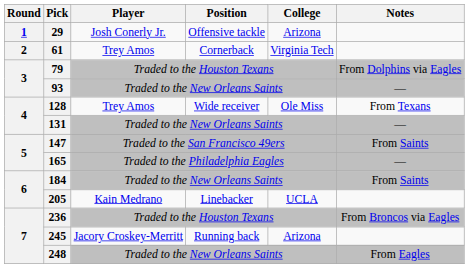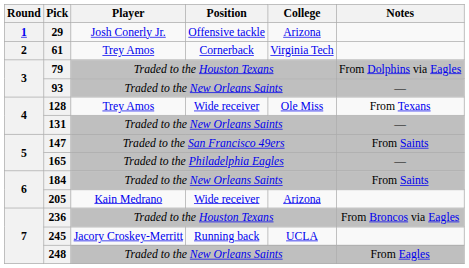 <table class="wikitable" style="text-align:center">
 <tr>
 <th>Round</th>
 <th>Pick</th>
 <th>Player</th>
 <th>Position</th>
 <th>College</th>
 <th>Notes</th>
 </tr>
 <tr>
 <th><a href='#'>1</a></th>
 <th>29</th>
 <td><a href='#'>Josh Conerly Jr.</a></td>
 <td><a href='#'>Offensive tackle</a></td>
 <td><a href='#'>Arizona</a></td>
 <td></td>
 </tr>
 <tr>
 <th>2</th>
 <th>61</th>
 <td><a href='#'>Trey Amos</a></td>
 <td><a href='#'>Cornerback</a></td>
 <td><a href='#'>Virginia Tech</a></td>
 <td></td>
 </tr>
 <tr>
 <th rowspan="2">3</th>
 <th>79</th>
 <td colspan="3" style="background:#BFBFBF"><em>Traded to the <a href='#'>Houston Texans</a></em></td>
 <td style="background:#BFBFBF">From <a href='#'>Dolphins</a> via <a href='#'>Eagles</a></td>
 </tr>
 <tr>
 <th>93</th>
 <td colspan="3" style="background:#BFBFBF"><em>Traded to the <a href='#'>New Orleans Saints</a></em></td>
 <td style="background:#BFBFBF">—</td>
 </tr>
 <tr>
 <th rowspan="2">4</th>
 <th>128</th>
 <td><a href='#'>Trey Amos</a></td>
 <td><a href='#'>Wide receiver</a></td>
 <td><a href='#'>Ole Miss</a></td>
 <td>From <a href='#'>Texans</a></td>
 </tr>
 <tr>
 <th>131</th>
 <td colspan="3" style="background:#BFBFBF"><em>Traded to the <a href='#'>New Orleans Saints</a></em></td>
 <td style="background:#BFBFBF">—</td>
 </tr>
 <tr>
 <th rowspan="2">5</th>
 <th>147</th>
 <td colspan="3" style="background:#BFBFBF"><em>Traded to the <a href='#'>San Francisco 49ers</a></em></td>
 <td style="background:#BFBFBF">From <a href='#'>Saints</a></td>
 </tr>
 <tr>
 <th>165</th>
 <td colspan="3" style="background:#BFBFBF"><em>Traded to the <a href='#'>Philadelphia Eagles</a></em></td>
 <td style="background:#BFBFBF">—</td>
 </tr>
 <tr>
 <th rowspan="2">6</th>
 <th>184</th>
 <td colspan="3" style="background:#BFBFBF"><em>Traded to the <a href='#'>New Orleans Saints</a></em></td>
 <td style="background:#BFBFBF">From <a href='#'>Saints</a></td>
 </tr>
 <tr>
 <th>205</th>
 <td><a href='#'>Kain Medrano</a></td>
-<td><a href='#'>Linebacker</a></td>
-<td><a href='#'>UCLA</a></td>
+<td><a href='#'>Wide receiver</a></td>
+<td><a href='#'>Arizona</a></td>
 <td></td>
 </tr>
 <tr>
 <th rowspan="3">7</th>
 <th>236</th>
 <td colspan="3" style="background:#BFBFBF"><em>Traded to the <a href='#'>Houston Texans</a></em></td>
 <td style="background:#BFBFBF">From <a href='#'>Broncos</a> via <a href='#'>Eagles</a></td>
 </tr>
 <tr>
 <th>245</th>
 <td><a href='#'>Jacory Croskey-Merritt</a></td>
 <td><a href='#'>Running back</a></td>
-<td><a href='#'>Arizona</a></td>
+<td><a href='#'>UCLA</a></td>
 <td></td>
 </tr>
 <tr>
 <th>248</th>
 <td colspan="3" style="background:#BFBFBF"><em>Traded to the <a href='#'>New Orleans Saints</a></em></td>
 <td style="background:#BFBFBF">From <a href='#'>Eagles</a></td>
 </tr>
 </table>
